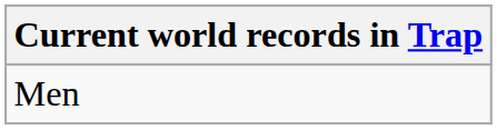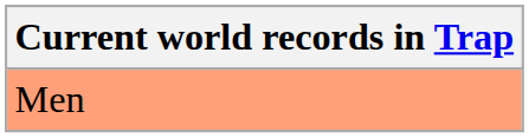 <table class="wikitable" style="font-size: 95%">
 <tr>
 <th colspan=7>Current world records in <a href='#'>Trap</a></th>
 </tr>
 <tr>
-<td>Men<br></td>
+<td style="background: lightsalmon;">Men<br></td>
 </tr>
 </table>
